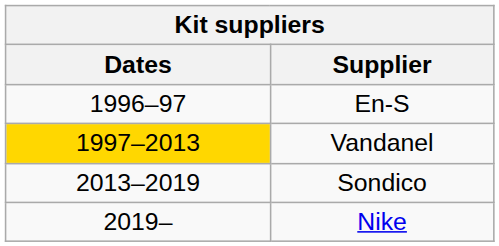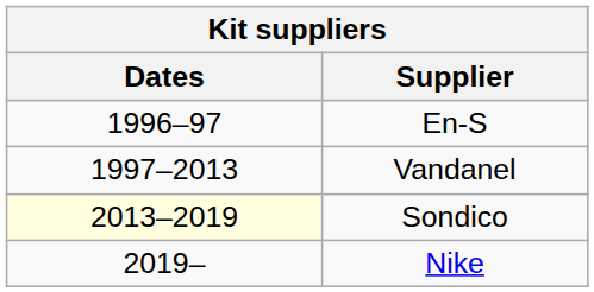 <table class="wikitable collapsible collapsed plainrowheaders" style="width: 25%; text-align: center; margin-left:1em; float: left">
 <tr>
 <th colspan=3>Kit suppliers</th>
 </tr>
 <tr>
 <th scope="col">Dates</th>
 <th scope="col">Supplier</th>
 </tr>
 <tr>
 <td scope="row">1996–97</td>
 <td>En-S</td>
 </tr>
 <tr>
-<td scope="row" style="background: gold;">1997–2013</td>
+<td scope="row">1997–2013</td>
 <td>Vandanel</td>
 </tr>
 <tr>
-<td scope="row">2013–2019</td>
+<td scope="row" style="background: lightyellow;">2013–2019</td>
 <td>Sondico</td>
 </tr>
 <tr>
 <td scope="row">2019–</td>
 <td><a href='#'>Nike</a></td>
 </tr>
 </table>
